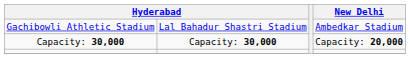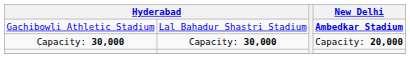 <table class="wikitable" style="text-align:center">
 <tr>
 <th colspan=2><a href='#'>Hyderabad</a></th>
 <th rowspan=10 colspan=3></th>
 <th><a href='#'>New Delhi</a></th>
 </tr>
 <tr>
 <td><a href='#'>Gachibowli Athletic Stadium</a></td>
 <td><a href='#'>Lal Bahadur Shastri Stadium</a></td>
-<td><a href='#'>Ambedkar Stadium</a></td>
+<td><strong><a href='#'>Ambedkar Stadium</a></strong></td>
 </tr>
 <tr>
 <td>Capacity: <strong>30,000</strong></td>
 <td>Capacity: <strong>30,000</strong></td>
 <td>Capacity: <strong>20,000</strong></td>
 </tr>
 <tr>
 <td></td>
 <td></td>
 <td></td>
 </tr>
 <tr>
 </tr>
 </table>
